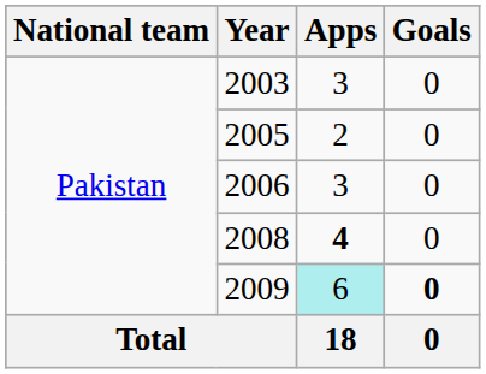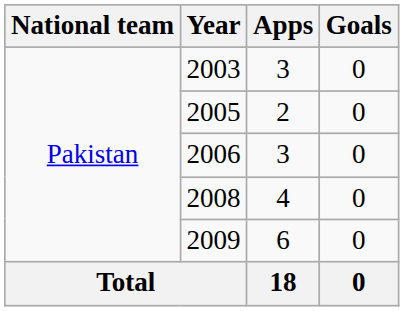 <table class="wikitable" style="text-align:center">
 <tr>
 <th>National team</th>
 <th>Year</th>
 <th>Apps</th>
 <th>Goals</th>
 </tr>
 <tr>
 <td rowspan="5"><a href='#'>Pakistan</a></td>
 <td>2003</td>
 <td>3</td>
 <td>0</td>
 </tr>
 <tr>
 <td>2005</td>
 <td>2</td>
 <td>0</td>
 </tr>
 <tr>
 <td>2006</td>
 <td>3</td>
 <td>0</td>
 </tr>
 <tr>
 <td>2008</td>
-<td><strong>4</strong></td>
+<td>4</td>
 <td>0</td>
 </tr>
 <tr>
 <td>2009</td>
-<td style="background: paleturquoise;">6</td>
-<td><strong>0</strong></td>
+<td>6</td>
+<td>0</td>
 </tr>
 <tr>
 <th colspan="2">Total</th>
 <th>18</th>
 <th>0</th>
 </tr>
 </table>
